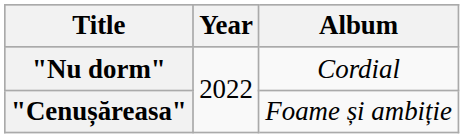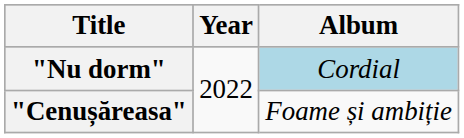 <table class="wikitable plainrowheaders" style="text-align:center;">
 <tr>
 <th scope="col">Title</th>
 <th scope="col">Year</th>
 <th scope="col">Album</th>
 </tr>
 <tr>
 <th scope="row">"Nu dorm"<br></th>
 <td rowspan="2">2022</td>
-<td><em>Cordial</em></td>
+<td style="background: lightblue;"><em>Cordial</em></td>
 </tr>
 <tr>
 <th scope="row">"Cenușăreasa"<br></th>
 <td><em>Foame și ambiție</em></td>
 </tr>
 </table>
